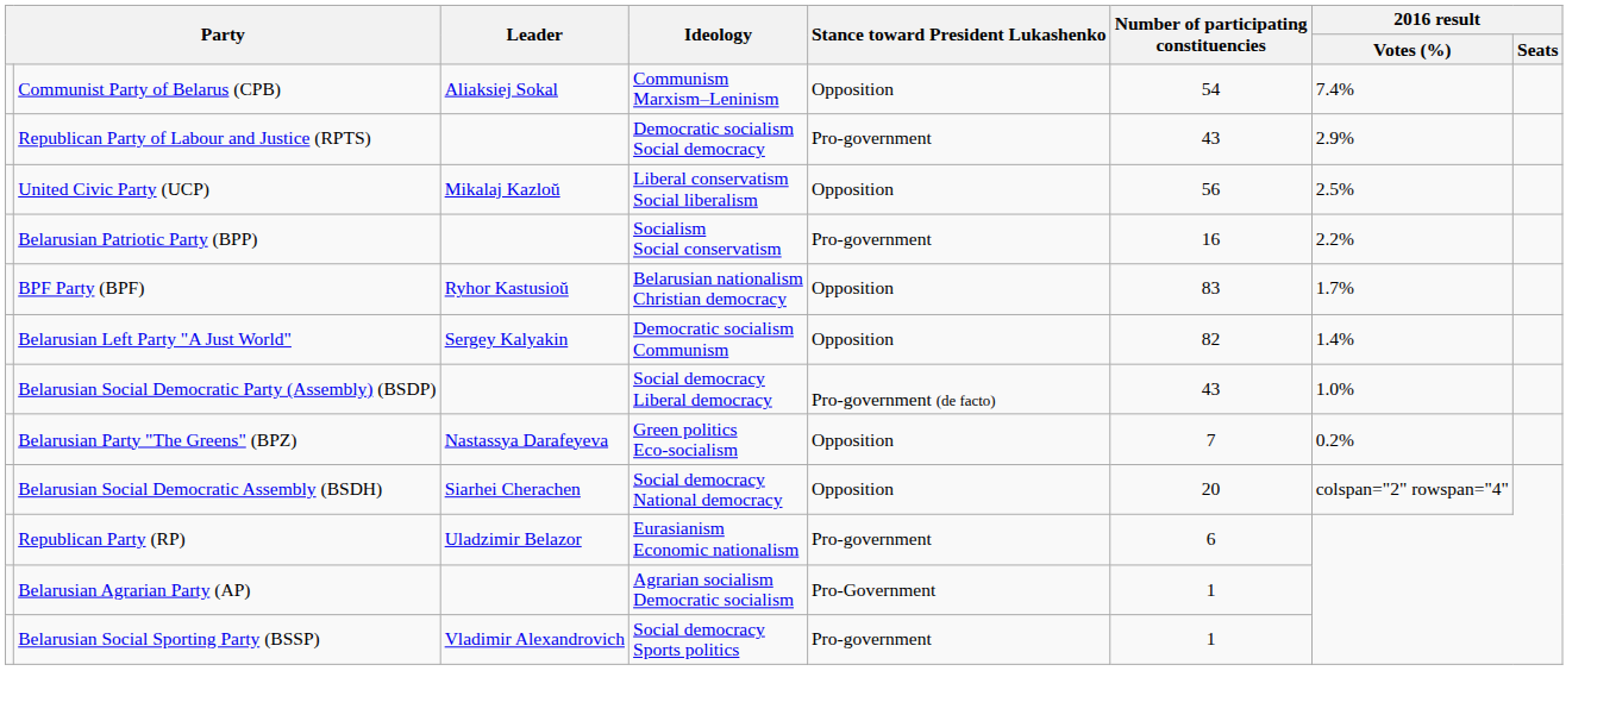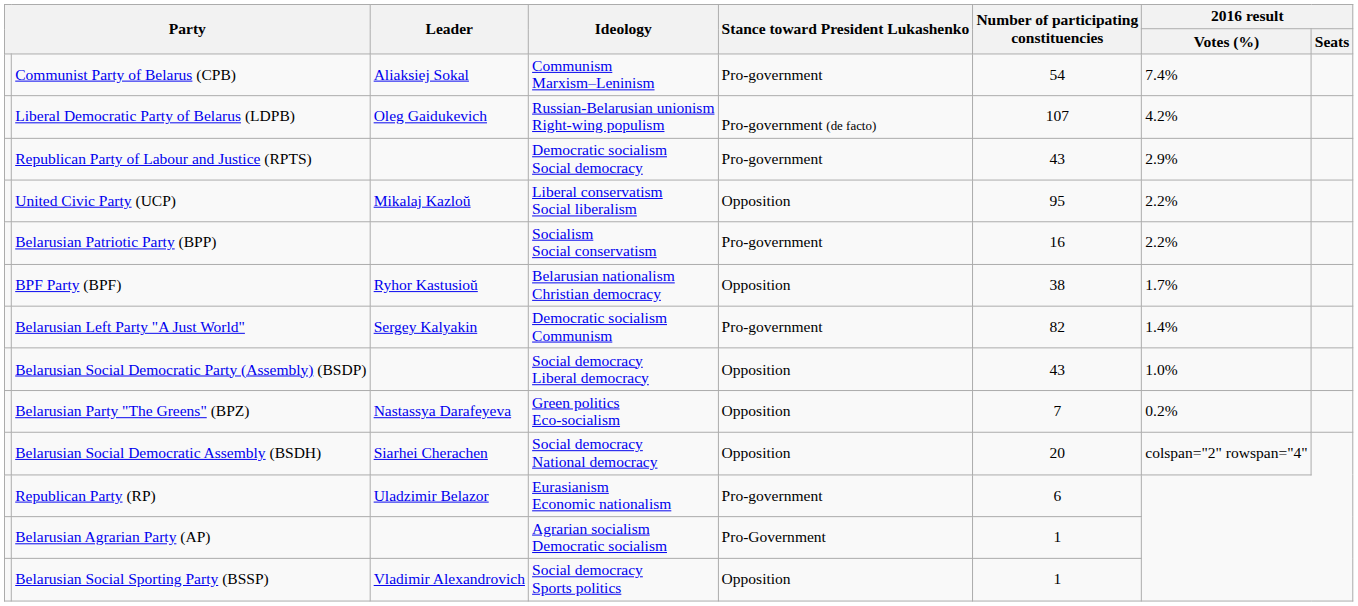 <table class=wikitable>
 <tr>
 <th rowspan="2" colspan="2">Party</th>
 <th rowspan="2">Leader</th>
 <th rowspan="2">Ideology</th>
 <th rowspan="2">Stance toward President Lukashenko</th>
 <th rowspan="2">Number of participating <br> constituencies</th>
 <th colspan="2">2016 result</th>
 </tr>
 <tr>
 <th>Votes (%)</th>
 <th>Seats</th>
 </tr>
 <tr>
 <td style="background:"></td>
 <td><a href='#'>Communist Party of Belarus</a> (CPB)</td>
 <td><a href='#'>Aliaksiej Sokal</a></td>
 <td><a href='#'>Communism</a><br><a href='#'>Marxism–Leninism</a></td>
-<td>Opposition</td>
+<td>Pro-government</td>
 <td style="text-align:center">54</td>
 <td>7.4%</td>
+<td></td>
+</tr>
+<tr>
+<td style="background:"></td>
+<td><a href='#'>Liberal Democratic Party of Belarus</a> (LDPB)</td>
+<td><a href='#'>Oleg Gaidukevich</a></td>
+<td><a href='#'>Russian-Belarusian unionism</a><br><a href='#'>Right-wing populism</a></td>
+<td><br>Pro-government <small>(de facto)</small></td>
+<td style="text-align:center">107</td>
+<td>4.2%</td>
 <td></td>
 </tr>
 <tr>
 <td style="background:"></td>
 <td><a href='#'>Republican Party of Labour and Justice</a> (RPTS)</td>
 <td></td>
 <td><a href='#'>Democratic socialism</a><br><a href='#'>Social democracy</a></td>
 <td>Pro-government</td>
 <td style="text-align:center">43</td>
 <td>2.9%</td>
 <td></td>
 </tr>
 <tr>
 <td style="background:"></td>
 <td><a href='#'>United Civic Party</a> (UCP)</td>
 <td><a href='#'>Mikalaj Kazloŭ</a></td>
 <td><a href='#'>Liberal conservatism</a><br><a href='#'>Social liberalism</a></td>
 <td>Opposition</td>
-<td style="text-align:center">56</td>
-<td>2.5%</td>
+<td style="text-align:center">95</td>
+<td>2.2%</td>
 <td></td>
 </tr>
 <tr>
 <td style="background:"></td>
 <td><a href='#'>Belarusian Patriotic Party</a> (BPP)</td>
 <td></td>
 <td><a href='#'>Socialism</a><br><a href='#'>Social conservatism</a></td>
 <td>Pro-government</td>
 <td style="text-align:center">16</td>
 <td>2.2%</td>
 <td></td>
 </tr>
 <tr>
 <td style="background:"></td>
 <td><a href='#'>BPF Party</a> (BPF)</td>
 <td><a href='#'>Ryhor Kastusioŭ</a></td>
 <td><a href='#'>Belarusian nationalism</a><br><a href='#'>Christian democracy</a></td>
 <td>Opposition</td>
-<td style="text-align:center">83</td>
+<td style="text-align:center">38</td>
 <td>1.7%</td>
 <td></td>
 </tr>
 <tr>
 <td style="background:"></td>
 <td><a href='#'>Belarusian Left Party "A Just World"</a></td>
 <td><a href='#'>Sergey Kalyakin</a></td>
 <td><a href='#'>Democratic socialism</a><br><a href='#'>Communism</a></td>
-<td>Opposition</td>
+<td>Pro-government</td>
 <td style="text-align:center">82</td>
 <td>1.4%</td>
 <td></td>
 </tr>
 <tr>
 <td style="background:"></td>
 <td><a href='#'>Belarusian Social Democratic Party (Assembly)</a> (BSDP)</td>
 <td></td>
 <td><a href='#'>Social democracy</a><br><a href='#'>Liberal democracy</a></td>
-<td><br>Pro-government <small>(de facto)</small></td>
+<td>Opposition</td>
 <td style="text-align:center">43</td>
 <td>1.0%</td>
 <td></td>
 </tr>
 <tr>
 <td bgcolor=></td>
 <td><a href='#'>Belarusian Party "The Greens"</a> (BPZ)</td>
 <td><a href='#'>Nastassya Darafeyeva</a></td>
 <td><a href='#'>Green politics</a><br><a href='#'>Eco-socialism</a></td>
 <td>Opposition</td>
 <td style="text-align:center">7</td>
 <td>0.2%</td>
 <td></td>
 </tr>
 <tr>
 <td bgcolor=></td>
 <td><a href='#'>Belarusian Social Democratic Assembly</a> (BSDH)</td>
 <td><a href='#'>Siarhei Cherachen</a></td>
 <td><a href='#'>Social democracy</a><br><a href='#'>National democracy</a></td>
 <td>Opposition</td>
 <td style="text-align:center">20</td>
 <td>colspan="2" rowspan="4" </td>
 </tr>
 <tr>
 <td bgcolor=></td>
 <td><a href='#'>Republican Party</a> (RP)</td>
 <td><a href='#'>Uladzimir Belazor</a></td>
 <td><a href='#'>Eurasianism</a><br><a href='#'>Economic nationalism</a></td>
 <td>Pro-government</td>
 <td style="text-align:center">6</td>
 </tr>
 <tr>
 <td bgcolor=></td>
 <td><a href='#'>Belarusian Agrarian Party</a> (AP)</td>
 <td></td>
 <td><a href='#'>Agrarian socialism</a><br><a href='#'>Democratic socialism</a></td>
 <td>Pro-Government</td>
 <td style="text-align:center">1</td>
 </tr>
 <tr>
 <td bgcolor=></td>
 <td><a href='#'>Belarusian Social Sporting Party</a> (BSSP)</td>
 <td><a href='#'>Vladimir Alexandrovich</a></td>
 <td><a href='#'>Social democracy</a><br><a href='#'>Sports politics</a></td>
-<td>Pro-government</td>
+<td>Opposition</td>
 <td style="text-align:center">1</td>
 </tr>
 </table>
